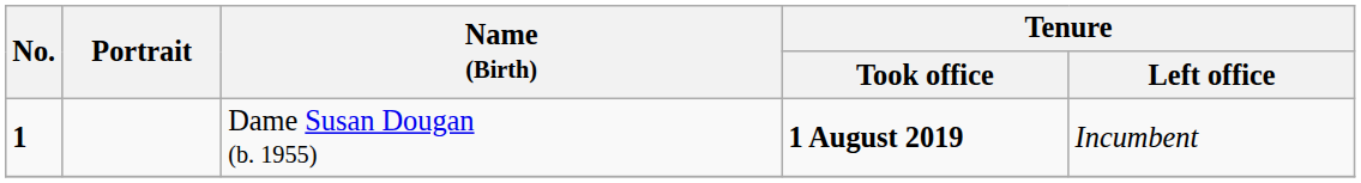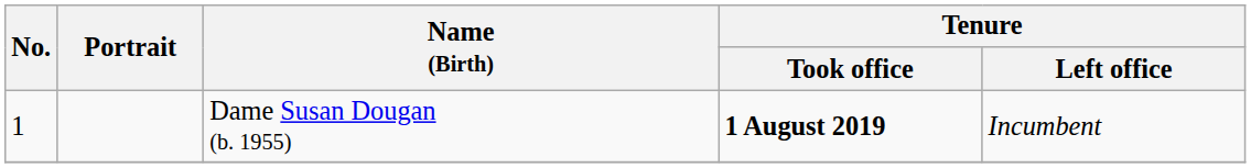 <table class="wikitable">
 <tr>
 <th scope="col" style="width:20px;" rowspan="2">No.</th>
 <th scope="col" style="width:80px;" rowspan="2">Portrait</th>
 <th scope="col" style="width:300px;" rowspan="2">Name<br><small>(Birth)</small></th>
 <th scope="col" style="width:300px;" colspan="2">Tenure</th>
 </tr>
 <tr>
 <th scope="col" style="width:150px;">Took office</th>
 <th scope="col" style="width:150px;">Left office</th>
 </tr>
 <tr>
-<td><strong>1</strong></td>
+<td>1</td>
 <td style="text-align: center;"></td>
 <td>Dame <a href='#'>Susan Dougan</a><br><small>(b. 1955)</small></td>
 <td><strong>1 August 2019</strong></td>
 <td><em>Incumbent</em></td>
 </tr>
 <tr>
 </tr>
 </table>
